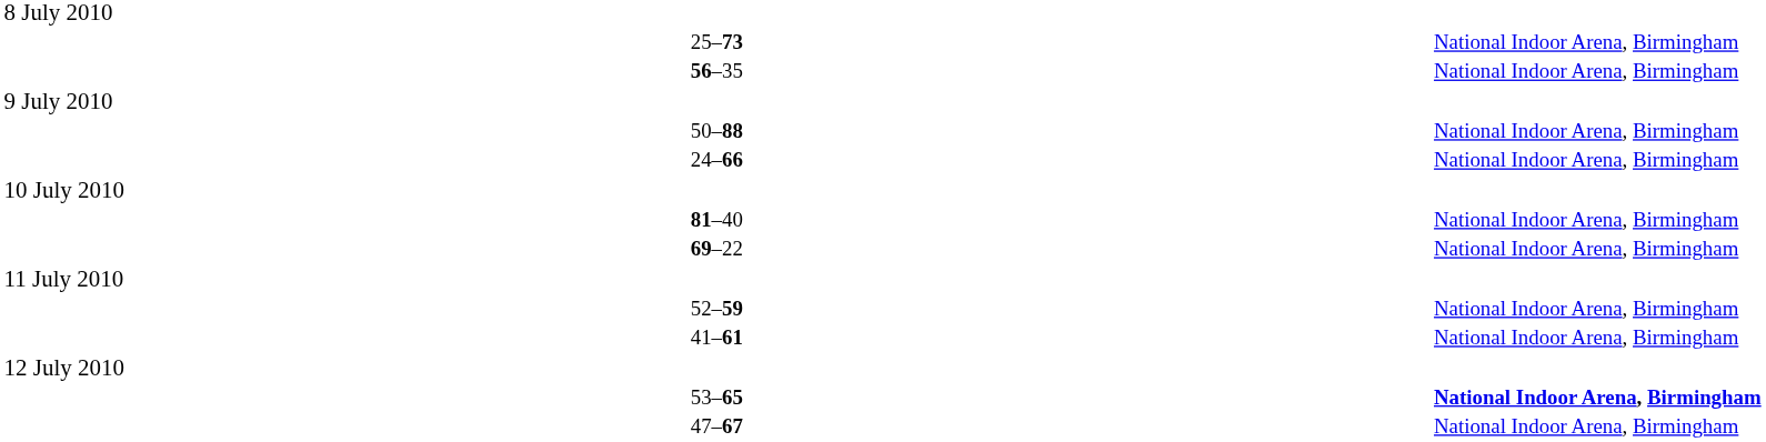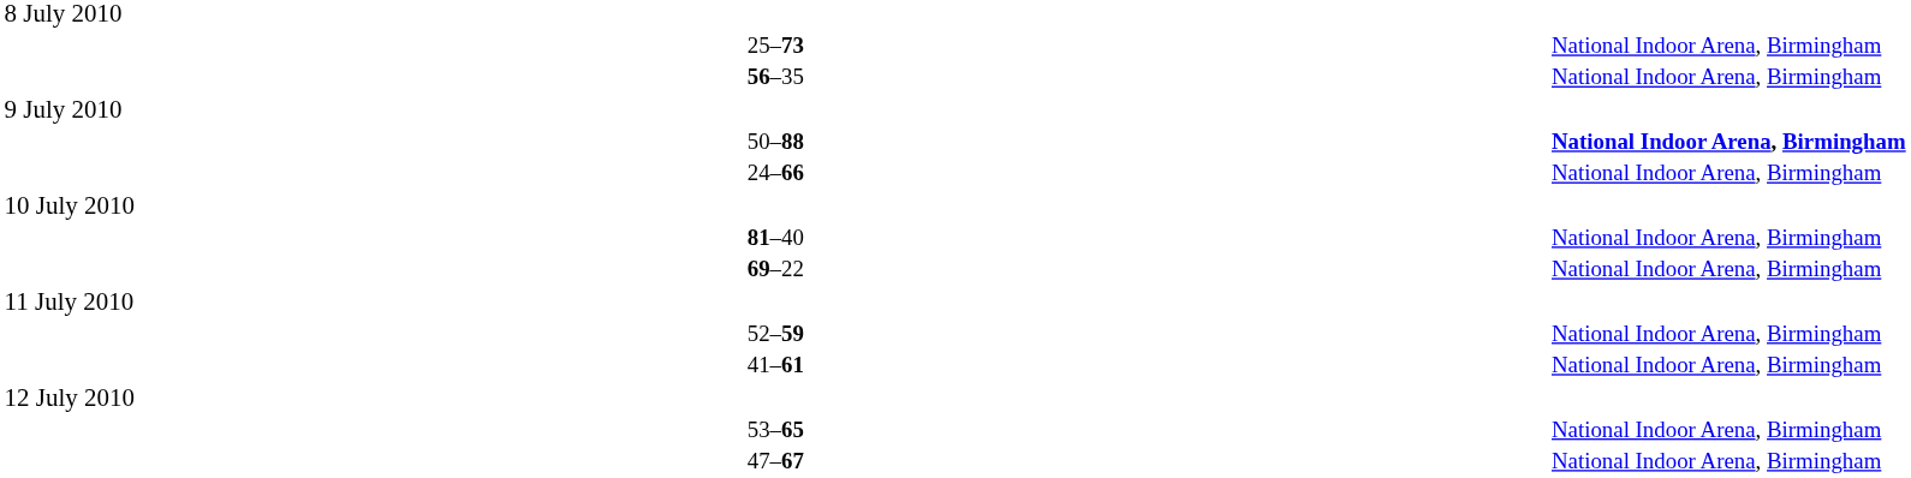 <table width=100% cellspacing=1>
 <tr>
 <th width=25%></th>
 <th width=3%></th>
 <th width=6%></th>
 <th width=3%></th>
 <th width=25%></th>
 </tr>
 <tr>
 <td>8 July 2010</td>
 </tr>
 <tr style=font-size:90%>
 <td align=right></td>
 <td></td>
 <td align=center>25–<strong>73</strong></td>
 <td></td>
 <td><strong></strong></td>
 <td><a href='#'>National Indoor Arena</a>, <a href='#'>Birmingham</a></td>
 </tr>
 <tr style=font-size:90%>
 <td align=right><strong></strong></td>
 <td></td>
 <td align=center><strong>56</strong>–35</td>
 <td></td>
 <td></td>
 <td><a href='#'>National Indoor Arena</a>, <a href='#'>Birmingham</a></td>
 </tr>
 <tr>
 <td>9 July 2010</td>
 </tr>
 <tr style=font-size:90%>
 <td align=right></td>
 <td></td>
 <td align=center>50–<strong>88</strong></td>
 <td></td>
 <td><strong></strong></td>
-<td><a href='#'>National Indoor Arena</a>, <a href='#'>Birmingham</a></td>
+<td><strong><a href='#'>National Indoor Arena</a>, <a href='#'>Birmingham</a></strong></td>
 </tr>
 <tr style=font-size:90%>
 <td align=right></td>
 <td></td>
 <td align=center>24–<strong>66</strong></td>
 <td></td>
 <td><strong></strong></td>
 <td><a href='#'>National Indoor Arena</a>, <a href='#'>Birmingham</a></td>
 </tr>
 <tr>
 <td>10 July 2010</td>
 </tr>
 <tr style=font-size:90%>
 <td align=right><strong></strong></td>
 <td></td>
 <td align=center><strong>81</strong>–40</td>
 <td></td>
 <td></td>
 <td><a href='#'>National Indoor Arena</a>, <a href='#'>Birmingham</a></td>
 </tr>
 <tr style=font-size:90%>
 <td align=right><strong></strong></td>
 <td></td>
 <td align=center><strong>69</strong>–22</td>
 <td></td>
 <td></td>
 <td><a href='#'>National Indoor Arena</a>, <a href='#'>Birmingham</a></td>
 </tr>
 <tr>
 <td>11 July 2010</td>
 </tr>
 <tr style=font-size:90%>
 <td align=right></td>
 <td></td>
 <td align=center>52–<strong>59</strong></td>
 <td></td>
 <td><strong></strong></td>
 <td><a href='#'>National Indoor Arena</a>, <a href='#'>Birmingham</a></td>
 </tr>
 <tr style=font-size:90%>
 <td align=right></td>
 <td></td>
 <td align=center>41–<strong>61</strong></td>
 <td></td>
 <td><strong></strong></td>
 <td><a href='#'>National Indoor Arena</a>, <a href='#'>Birmingham</a></td>
 </tr>
 <tr>
 <td>12 July 2010</td>
 </tr>
 <tr style=font-size:90%>
 <td align=right></td>
 <td></td>
 <td align=center>53–<strong>65</strong></td>
 <td></td>
 <td><strong></strong></td>
-<td><strong><a href='#'>National Indoor Arena</a>, <a href='#'>Birmingham</a></strong></td>
+<td><a href='#'>National Indoor Arena</a>, <a href='#'>Birmingham</a></td>
 </tr>
 <tr style=font-size:90%>
 <td align=right></td>
 <td></td>
 <td align=center>47–<strong>67</strong></td>
 <td></td>
 <td><strong></strong></td>
 <td><a href='#'>National Indoor Arena</a>, <a href='#'>Birmingham</a></td>
 </tr>
 </table>
